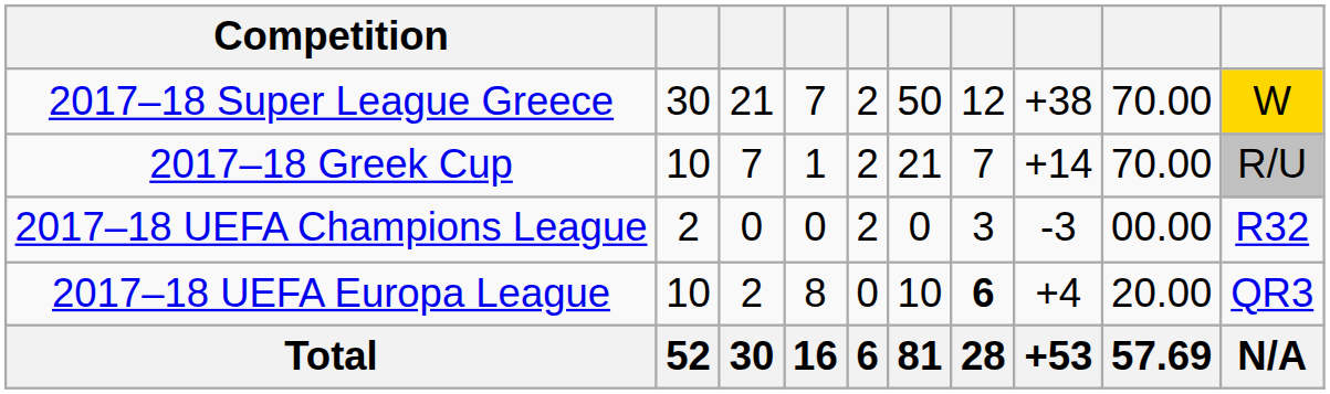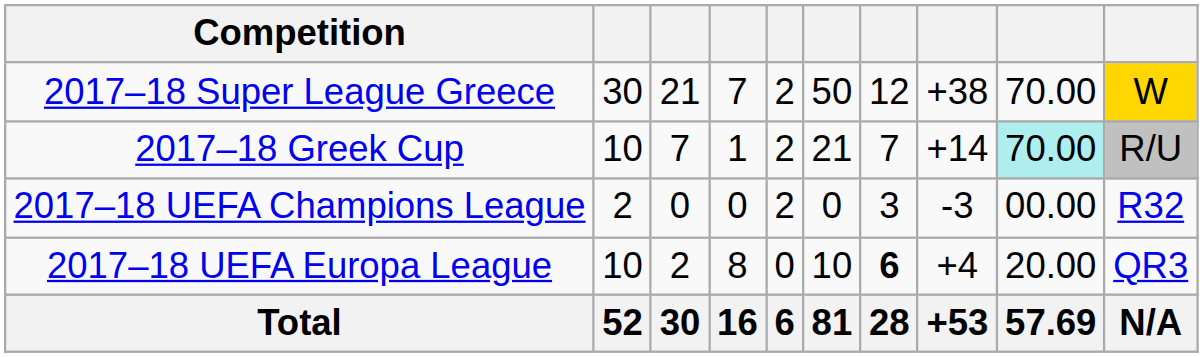 <table class="wikitable" style="text-align:center">
 <tr>
 <th>Competition</th>
 <th></th>
 <th></th>
 <th></th>
 <th></th>
 <th></th>
 <th></th>
 <th></th>
 <th></th>
 <th></th>
 </tr>
 <tr>
 <td><a href='#'>2017–18 Super League Greece</a></td>
 <td>30</td>
 <td>21</td>
 <td>7</td>
 <td>2</td>
 <td>50</td>
 <td>12</td>
 <td>+38</td>
 <td>70.00</td>
 <td bgcolor=#FFD700>W</td>
 </tr>
 <tr>
 <td><a href='#'>2017–18 Greek Cup</a></td>
 <td>10</td>
 <td>7</td>
 <td>1</td>
 <td>2</td>
 <td>21</td>
 <td>7</td>
 <td>+14</td>
-<td>70.00</td>
+<td style="background: paleturquoise;">70.00</td>
 <td bgcolor=#C0C0C0>R/U</td>
 </tr>
 <tr>
 <td><a href='#'>2017–18 UEFA Champions League</a></td>
 <td>2</td>
 <td>0</td>
 <td>0</td>
 <td>2</td>
 <td>0</td>
 <td>3</td>
 <td>-3</td>
 <td>00.00</td>
 <td><a href='#'>R32</a></td>
 </tr>
 <tr>
 <td><a href='#'>2017–18 UEFA Europa League</a></td>
 <td>10</td>
 <td>2</td>
 <td>8</td>
 <td>0</td>
 <td>10</td>
 <td><strong>6</strong></td>
 <td>+4</td>
 <td>20.00</td>
 <td><a href='#'>QR3</a></td>
 </tr>
 <tr>
 <th>Total</th>
 <th>52</th>
 <th>30</th>
 <th>16</th>
 <th>6</th>
 <th>81</th>
 <th>28</th>
 <th>+53</th>
 <th>57.69</th>
 <th>N/A</th>
 </tr>
 </table>
